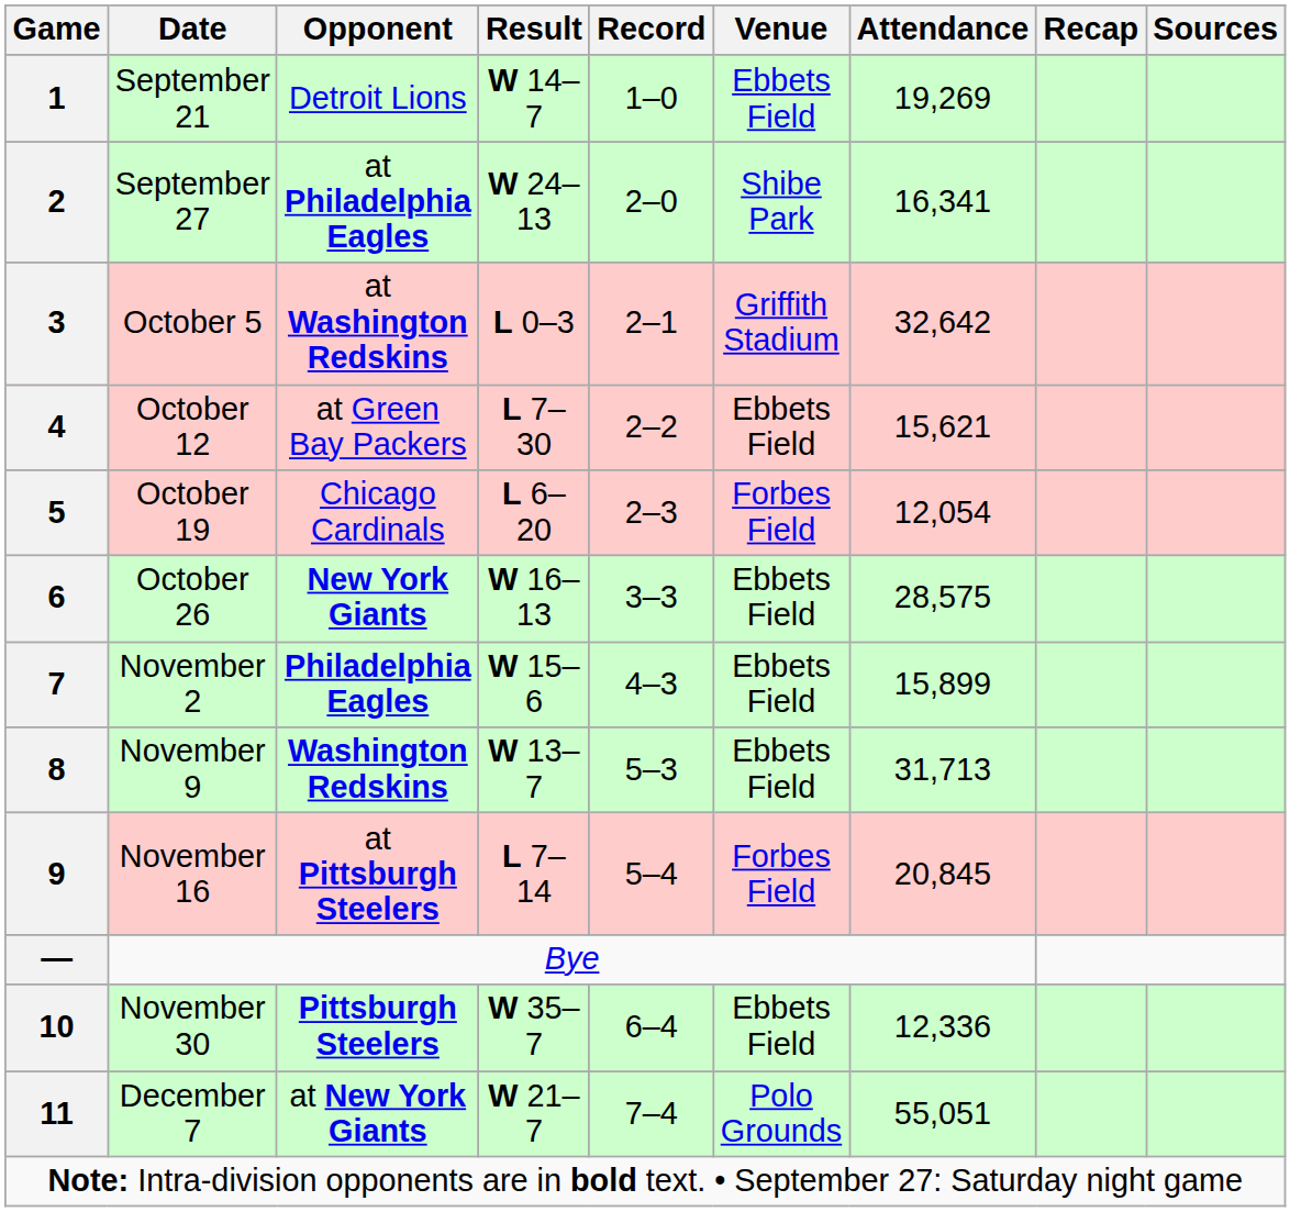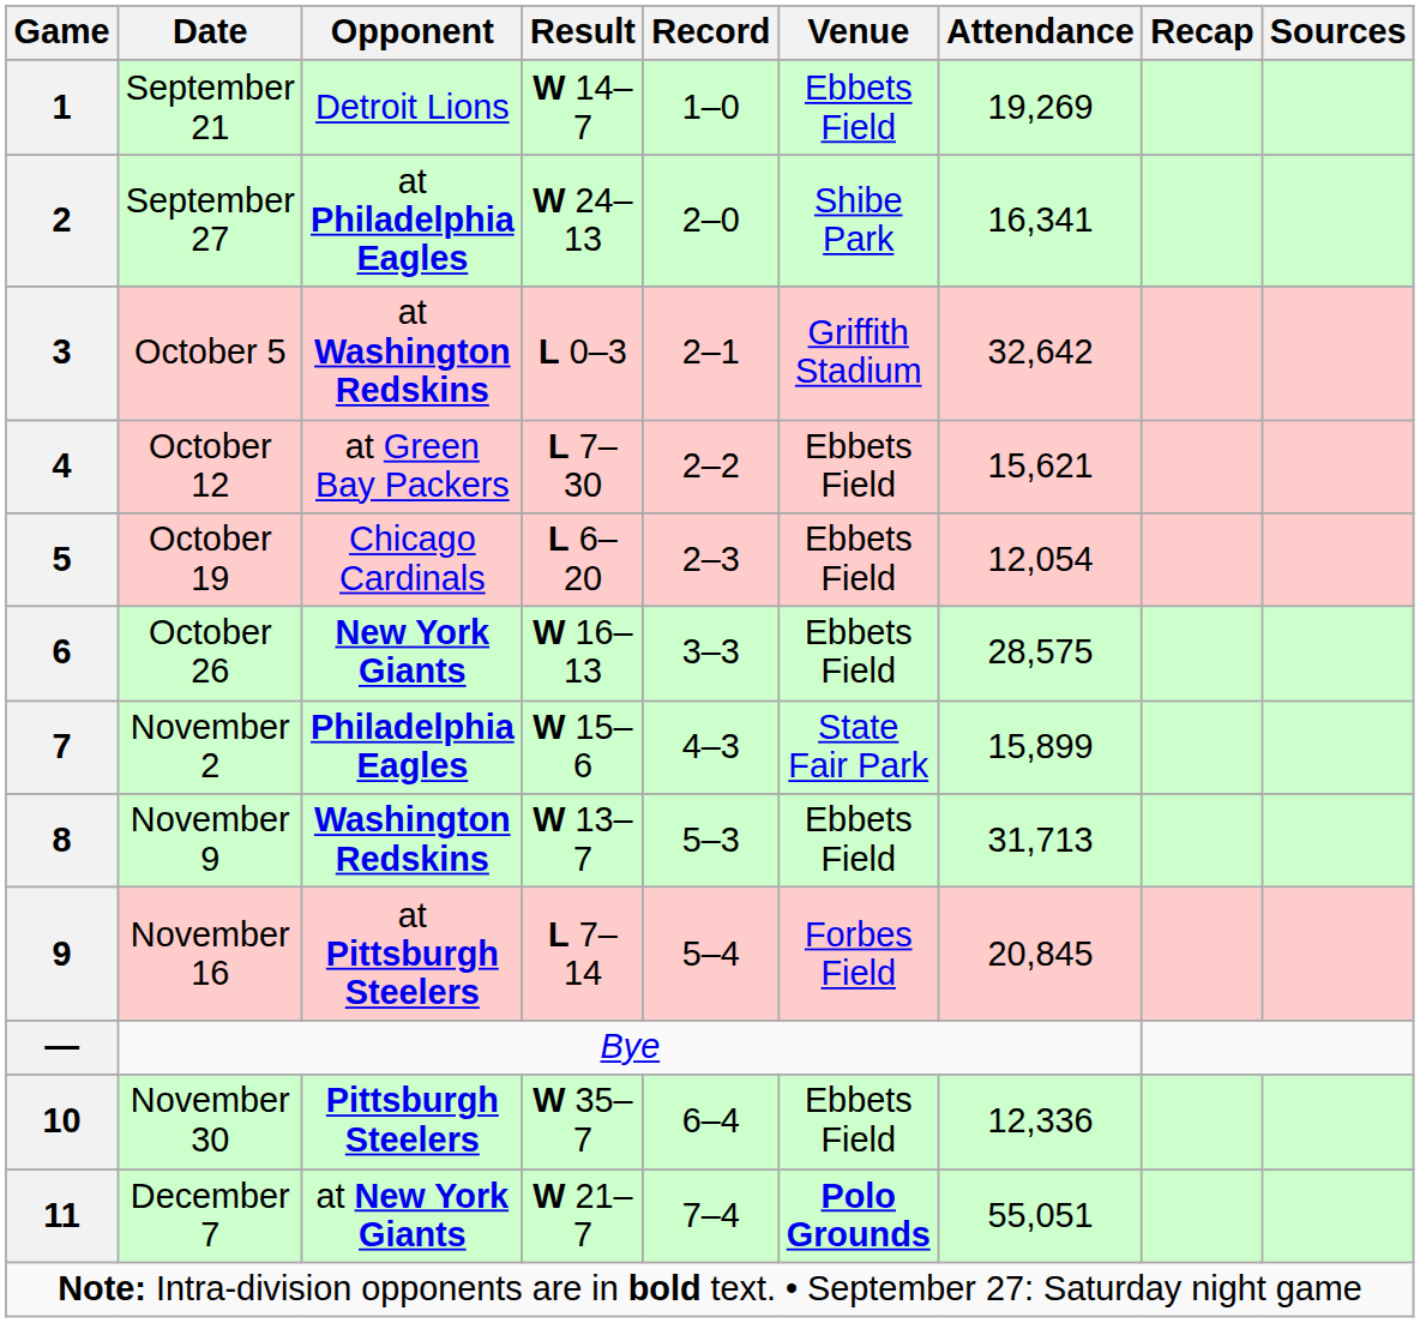 <table class="wikitable" style="text-align:center">
 <tr>
 <th>Game</th>
 <th>Date</th>
 <th>Opponent</th>
 <th>Result</th>
 <th>Record</th>
 <th>Venue</th>
 <th>Attendance</th>
 <th>Recap</th>
 <th>Sources</th>
 </tr>
 <tr style="background:#cfc">
 <th>1</th>
 <td>September 21</td>
 <td><a href='#'>Detroit Lions</a></td>
 <td><strong>W</strong> 14–7</td>
 <td>1–0</td>
 <td><a href='#'>Ebbets Field</a></td>
 <td>19,269</td>
 <td></td>
 <td></td>
 </tr>
 <tr style="background:#cfc">
 <th>2</th>
 <td>September 27</td>
 <td>at <strong><a href='#'>Philadelphia Eagles</a></strong></td>
 <td><strong>W</strong> 24–13</td>
 <td>2–0</td>
 <td><a href='#'>Shibe Park</a></td>
 <td>16,341</td>
 <td></td>
 <td></td>
 </tr>
 <tr style="background:#fcc">
 <th>3</th>
 <td>October 5</td>
 <td>at <strong><a href='#'>Washington Redskins</a></strong></td>
 <td><strong>L</strong> 0–3</td>
 <td>2–1</td>
 <td><a href='#'>Griffith Stadium</a></td>
 <td>32,642</td>
 <td></td>
 <td></td>
 </tr>
 <tr style="background:#fcc">
 <th>4</th>
 <td>October 12</td>
 <td>at <a href='#'>Green Bay Packers</a></td>
 <td><strong>L</strong> 7–30</td>
 <td>2–2</td>
 <td>Ebbets Field</td>
 <td>15,621</td>
 <td></td>
 <td></td>
 </tr>
 <tr style="background:#fcc">
 <th>5</th>
 <td>October 19</td>
 <td><a href='#'>Chicago Cardinals</a></td>
 <td><strong>L</strong> 6–20</td>
 <td>2–3</td>
-<td><a href='#'>Forbes Field</a></td>
+<td>Ebbets Field</td>
 <td>12,054</td>
 <td></td>
 <td></td>
 </tr>
 <tr style="background:#cfc">
 <th>6</th>
 <td>October 26</td>
 <td><strong><a href='#'>New York Giants</a></strong></td>
 <td><strong>W</strong> 16–13</td>
 <td>3–3</td>
 <td>Ebbets Field</td>
 <td>28,575</td>
 <td></td>
 <td></td>
 </tr>
 <tr style="background:#cfc">
 <th>7</th>
 <td>November 2</td>
 <td><strong><a href='#'>Philadelphia Eagles</a></strong></td>
 <td><strong>W</strong> 15–6</td>
 <td>4–3</td>
-<td>Ebbets Field</td>
+<td><a href='#'>State Fair Park</a></td>
 <td>15,899</td>
 <td></td>
 <td></td>
 </tr>
 <tr style="background:#cfc">
 <th>8</th>
 <td>November 9</td>
 <td><strong><a href='#'>Washington Redskins</a></strong></td>
 <td><strong>W</strong> 13–7</td>
 <td>5–3</td>
 <td>Ebbets Field</td>
 <td>31,713</td>
 <td></td>
 <td></td>
 </tr>
 <tr style="background:#fcc">
 <th>9</th>
 <td>November 16</td>
 <td>at <strong><a href='#'>Pittsburgh Steelers</a></strong></td>
 <td><strong>L</strong> 7–14</td>
 <td>5–4</td>
 <td><a href='#'>Forbes Field</a></td>
 <td>20,845</td>
 <td></td>
 <td></td>
 </tr>
 <tr>
 <th>—</th>
 <td colspan="6"><em><a href='#'>Bye</a></em></td>
 </tr>
 <tr style="background:#cfc">
 <th>10</th>
 <td>November 30</td>
 <td><strong><a href='#'>Pittsburgh Steelers</a></strong></td>
 <td><strong>W</strong> 35–7</td>
 <td>6–4</td>
 <td>Ebbets Field</td>
 <td>12,336</td>
 <td></td>
 <td></td>
 </tr>
 <tr style="background:#cfc">
 <th>11</th>
 <td>December 7</td>
 <td>at <strong><a href='#'>New York Giants</a></strong></td>
 <td><strong>W</strong> 21–7</td>
 <td>7–4</td>
-<td><a href='#'>Polo Grounds</a></td>
+<td><strong><a href='#'>Polo Grounds</a></strong></td>
 <td>55,051</td>
 <td></td>
 <td></td>
 </tr>
 <tr>
 <td colspan="10"><strong>Note:</strong> Intra-division opponents are in <strong>bold</strong> text. •  September 27: Saturday night game</td>
 </tr>
 </table>
